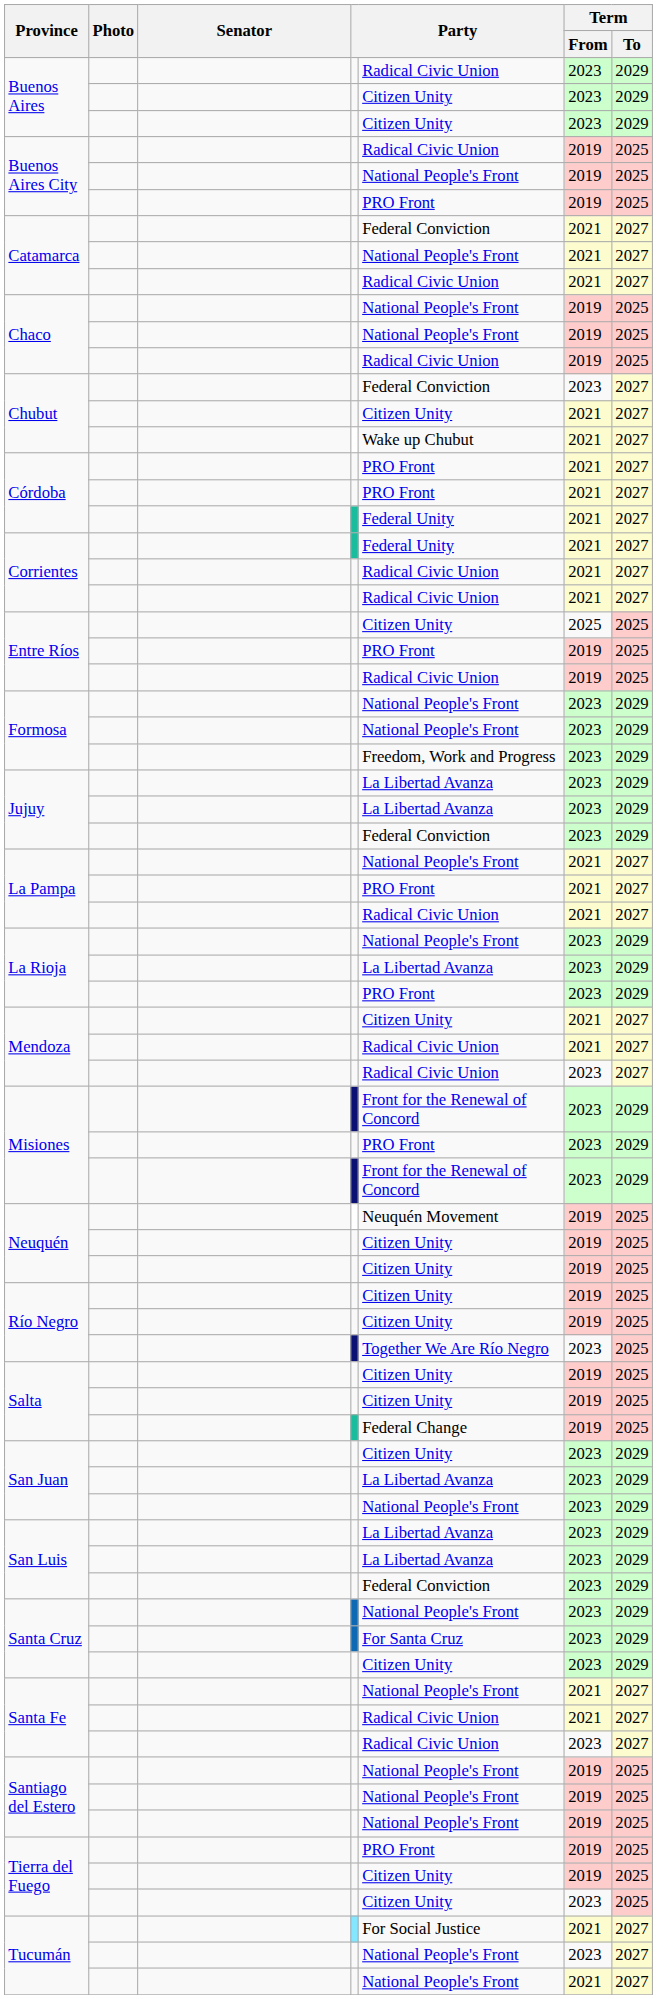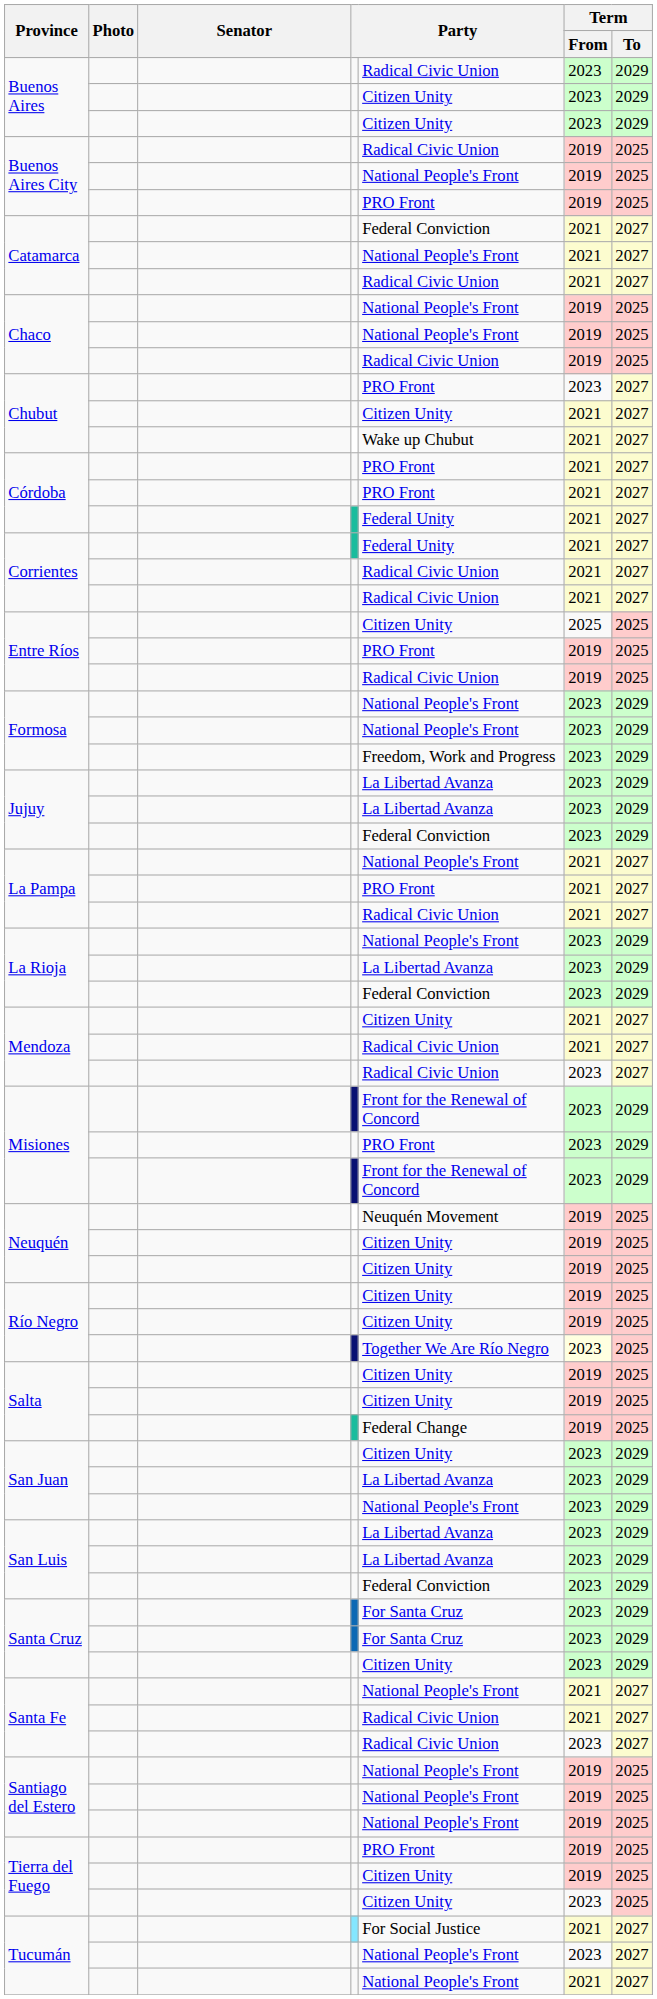 <table class="sortable wikitable" width="100%">
 <tr>
 <th width=13% rowspan=2>Province</th>
 <th width=6% rowspan=2>Photo</th>
 <th width=33% rowspan=2>Senator</th>
 <th width=33% colspan=2 rowspan=2>Party</th>
 <th colspan=2>Term</th>
 </tr>
 <tr>
 <th width=5%>From</th>
 <th width=5%>To</th>
 </tr>
 <tr>
 <td rowspan=3><a href='#'>Buenos Aires</a></td>
 <td></td>
 <td></td>
 <td bgcolor=></td>
 <td><a href='#'>Radical Civic Union</a></td>
 <td bgcolor=#cfc>2023</td>
 <td bgcolor=#cfc>2029</td>
 </tr>
 <tr>
 <td></td>
 <td></td>
 <td bgcolor=></td>
 <td><a href='#'>Citizen Unity</a></td>
 <td bgcolor=#cfc>2023</td>
 <td bgcolor=#cfc>2029</td>
 </tr>
 <tr>
 <td></td>
 <td></td>
 <td bgcolor=></td>
 <td><a href='#'>Citizen Unity</a></td>
 <td bgcolor=#cfc>2023</td>
 <td bgcolor=#cfc>2029</td>
 </tr>
 <tr>
 <td rowspan=3><a href='#'>Buenos Aires City</a></td>
 <td></td>
 <td></td>
 <td bgcolor=></td>
 <td><a href='#'>Radical Civic Union</a></td>
 <td bgcolor=#fcc>2019</td>
 <td bgcolor=#fcc>2025</td>
 </tr>
 <tr>
 <td></td>
 <td></td>
 <td bgcolor=></td>
 <td><a href='#'>National People's Front</a></td>
 <td bgcolor=#fcc>2019</td>
 <td bgcolor=#fcc>2025</td>
 </tr>
 <tr>
 <td></td>
 <td></td>
 <td bgcolor=></td>
 <td><a href='#'>PRO Front</a></td>
 <td bgcolor=#fcc>2019</td>
 <td bgcolor=#fcc>2025</td>
 </tr>
 <tr>
 <td rowspan=3><a href='#'>Catamarca</a></td>
 <td></td>
 <td></td>
 <td bgcolor=></td>
 <td>Federal Conviction</td>
 <td bgcolor=#fcfccf>2021</td>
 <td bgcolor=#fcfccf>2027</td>
 </tr>
 <tr>
 <td></td>
 <td></td>
 <td bgcolor=></td>
 <td><a href='#'>National People's Front</a></td>
 <td bgcolor=#fcfccf>2021</td>
 <td bgcolor=#fcfccf>2027</td>
 </tr>
 <tr>
 <td></td>
 <td></td>
 <td bgcolor=></td>
 <td><a href='#'>Radical Civic Union</a></td>
 <td bgcolor=#fcfccf>2021</td>
 <td bgcolor=#fcfccf>2027</td>
 </tr>
 <tr>
 <td rowspan=3><a href='#'>Chaco</a></td>
 <td></td>
 <td></td>
 <td bgcolor=></td>
 <td><a href='#'>National People's Front</a></td>
 <td bgcolor=#fcc>2019</td>
 <td bgcolor=#fcc>2025</td>
 </tr>
 <tr>
 <td></td>
 <td></td>
 <td bgcolor=></td>
 <td><a href='#'>National People's Front</a></td>
 <td bgcolor=#fcc>2019</td>
 <td bgcolor=#fcc>2025</td>
 </tr>
 <tr>
 <td></td>
 <td></td>
 <td bgcolor=></td>
 <td><a href='#'>Radical Civic Union</a></td>
 <td bgcolor=#fcc>2019</td>
 <td bgcolor=#fcc>2025</td>
 </tr>
 <tr>
 <td rowspan=3><a href='#'>Chubut</a></td>
 <td></td>
 <td></td>
 <td bgcolor=></td>
-<td>Federal Conviction</td>
+<td><a href='#'>PRO Front</a></td>
 <td>2023</td>
 <td bgcolor=#fcfccf>2027</td>
 </tr>
 <tr>
 <td></td>
 <td></td>
 <td bgcolor=></td>
 <td><a href='#'>Citizen Unity</a></td>
 <td bgcolor=#fcfccf>2021</td>
 <td bgcolor=#fcfccf>2027</td>
 </tr>
 <tr>
 <td></td>
 <td></td>
 <td bgcolor=#FFFFFF></td>
 <td>Wake up Chubut</td>
 <td bgcolor=#fcfccf>2021</td>
 <td bgcolor=#fcfccf>2027</td>
 </tr>
 <tr>
 <td rowspan=3><a href='#'>Córdoba</a></td>
 <td></td>
 <td></td>
 <td bgcolor=></td>
 <td><a href='#'>PRO Front</a></td>
 <td bgcolor=#fcfccf>2021</td>
 <td bgcolor=#fcfccf>2027</td>
 </tr>
 <tr>
 <td></td>
 <td></td>
 <td bgcolor=></td>
 <td><a href='#'>PRO Front</a></td>
 <td bgcolor=#fcfccf>2021</td>
 <td bgcolor=#fcfccf>2027</td>
 </tr>
 <tr>
 <td></td>
 <td></td>
 <td bgcolor=#19bc9d></td>
 <td><a href='#'>Federal Unity</a></td>
 <td bgcolor=#fcfccf>2021</td>
 <td bgcolor=#fcfccf>2027</td>
 </tr>
 <tr>
 <td rowspan=3><a href='#'>Corrientes</a></td>
 <td></td>
 <td></td>
 <td bgcolor=#19bc9d></td>
 <td><a href='#'>Federal Unity</a></td>
 <td bgcolor=#fcfccf>2021</td>
 <td bgcolor=#fcfccf>2027</td>
 </tr>
 <tr>
 <td></td>
 <td></td>
 <td bgcolor=></td>
 <td><a href='#'>Radical Civic Union</a></td>
 <td bgcolor=#fcfccf>2021</td>
 <td bgcolor=#fcfccf>2027</td>
 </tr>
 <tr>
 <td></td>
 <td></td>
 <td bgcolor=></td>
 <td><a href='#'>Radical Civic Union</a></td>
 <td bgcolor=#fcfccf>2021</td>
 <td bgcolor=#fcfccf>2027</td>
 </tr>
 <tr>
 <td rowspan=3><a href='#'>Entre Ríos</a></td>
 <td></td>
 <td></td>
 <td bgcolor=></td>
 <td><a href='#'>Citizen Unity</a></td>
 <td>2025</td>
 <td bgcolor=#fcc>2025</td>
 </tr>
 <tr>
 <td></td>
 <td></td>
 <td bgcolor=></td>
 <td><a href='#'>PRO Front</a></td>
 <td bgcolor=#fcc>2019</td>
 <td bgcolor=#fcc>2025</td>
 </tr>
 <tr>
 <td></td>
 <td></td>
 <td bgcolor=></td>
 <td><a href='#'>Radical Civic Union</a></td>
 <td bgcolor=#fcc>2019</td>
 <td bgcolor=#fcc>2025</td>
 </tr>
 <tr>
 <td rowspan=3><a href='#'>Formosa</a></td>
 <td></td>
 <td></td>
 <td bgcolor=></td>
 <td><a href='#'>National People's Front</a></td>
 <td bgcolor=#cfc>2023</td>
 <td bgcolor=#cfc>2029</td>
 </tr>
 <tr>
 <td></td>
 <td></td>
 <td bgcolor=></td>
 <td><a href='#'>National People's Front</a></td>
 <td bgcolor=#cfc>2023</td>
 <td bgcolor=#cfc>2029</td>
 </tr>
 <tr>
 <td></td>
 <td></td>
 <td bgcolor=></td>
 <td>Freedom, Work and Progress</td>
 <td bgcolor=#cfc>2023</td>
 <td bgcolor=#cfc>2029</td>
 </tr>
 <tr>
 <td rowspan=3><a href='#'>Jujuy</a></td>
 <td></td>
 <td></td>
 <td bgcolor=></td>
 <td><a href='#'>La Libertad Avanza</a></td>
 <td bgcolor=#cfc>2023</td>
 <td bgcolor=#cfc>2029</td>
 </tr>
 <tr>
 <td></td>
 <td></td>
 <td bgcolor=></td>
 <td><a href='#'>La Libertad Avanza</a></td>
 <td bgcolor=#cfc>2023</td>
 <td bgcolor=#cfc>2029</td>
 </tr>
 <tr>
 <td></td>
 <td></td>
 <td bgcolor=></td>
 <td>Federal Conviction</td>
 <td bgcolor=#cfc>2023</td>
 <td bgcolor=#cfc>2029</td>
 </tr>
 <tr>
 <td rowspan=3><a href='#'>La Pampa</a></td>
 <td></td>
 <td></td>
 <td bgcolor=></td>
 <td><a href='#'>National People's Front</a></td>
 <td bgcolor=#fcfccf>2021</td>
 <td bgcolor=#fcfccf>2027</td>
 </tr>
 <tr>
 <td></td>
 <td></td>
 <td bgcolor=></td>
 <td><a href='#'>PRO Front</a></td>
 <td bgcolor=#fcfccf>2021</td>
 <td bgcolor=#fcfccf>2027</td>
 </tr>
 <tr>
 <td></td>
 <td></td>
 <td bgcolor=></td>
 <td><a href='#'>Radical Civic Union</a></td>
 <td bgcolor=#fcfccf>2021</td>
 <td bgcolor=#fcfccf>2027</td>
 </tr>
 <tr>
 <td rowspan=3><a href='#'>La Rioja</a></td>
 <td></td>
 <td></td>
 <td bgcolor=></td>
 <td><a href='#'>National People's Front</a></td>
 <td bgcolor=#cfc>2023</td>
 <td bgcolor=#cfc>2029</td>
 </tr>
 <tr>
 <td></td>
 <td></td>
 <td bgcolor=></td>
 <td><a href='#'>La Libertad Avanza</a></td>
 <td bgcolor=#cfc>2023</td>
 <td bgcolor=#cfc>2029</td>
 </tr>
 <tr>
 <td></td>
 <td></td>
 <td bgcolor=></td>
-<td><a href='#'>PRO Front</a></td>
+<td>Federal Conviction</td>
 <td bgcolor=#cfc>2023</td>
 <td bgcolor=#cfc>2029</td>
 </tr>
 <tr>
 <td rowspan=3><a href='#'>Mendoza</a></td>
 <td></td>
 <td></td>
 <td bgcolor=></td>
 <td><a href='#'>Citizen Unity</a></td>
 <td bgcolor=#fcfccf>2021</td>
 <td bgcolor=#fcfccf>2027</td>
 </tr>
 <tr>
 <td></td>
 <td></td>
 <td bgcolor=></td>
 <td><a href='#'>Radical Civic Union</a></td>
 <td bgcolor=#fcfccf>2021</td>
 <td bgcolor=#fcfccf>2027</td>
 </tr>
 <tr>
 <td></td>
 <td></td>
 <td bgcolor=></td>
 <td><a href='#'>Radical Civic Union</a></td>
 <td>2023</td>
 <td bgcolor=#fcfccf>2027</td>
 </tr>
 <tr>
 <td rowspan=3><a href='#'>Misiones</a></td>
 <td></td>
 <td></td>
 <td bgcolor=#0a1172></td>
 <td><a href='#'>Front for the Renewal of Concord</a></td>
 <td bgcolor=#cfc>2023</td>
 <td bgcolor=#cfc>2029</td>
 </tr>
 <tr>
 <td></td>
 <td></td>
 <td bgcolor=></td>
 <td><a href='#'>PRO Front</a></td>
 <td bgcolor=#cfc>2023</td>
 <td bgcolor=#cfc>2029</td>
 </tr>
 <tr>
 <td></td>
 <td></td>
 <td bgcolor=#0a1172></td>
 <td><a href='#'>Front for the Renewal of Concord</a></td>
 <td bgcolor=#cfc>2023</td>
 <td bgcolor=#cfc>2029</td>
 </tr>
 <tr>
 <td rowspan=3><a href='#'>Neuquén</a></td>
 <td></td>
 <td></td>
 <td bgcolor=#FFFFFF></td>
 <td>Neuquén Movement</td>
 <td bgcolor=#fcc>2019</td>
 <td bgcolor=#fcc>2025</td>
 </tr>
 <tr>
 <td></td>
 <td></td>
 <td bgcolor=></td>
 <td><a href='#'>Citizen Unity</a></td>
 <td bgcolor=#fcc>2019</td>
 <td bgcolor=#fcc>2025</td>
 </tr>
 <tr>
 <td></td>
 <td></td>
 <td bgcolor=></td>
 <td><a href='#'>Citizen Unity</a></td>
 <td bgcolor=#fcc>2019</td>
 <td bgcolor=#fcc>2025</td>
 </tr>
 <tr>
 <td rowspan=3><a href='#'>Río Negro</a></td>
 <td></td>
 <td></td>
 <td bgcolor=></td>
 <td><a href='#'>Citizen Unity</a></td>
 <td bgcolor=#fcc>2019</td>
 <td bgcolor=#fcc>2025</td>
 </tr>
 <tr>
 <td></td>
 <td></td>
 <td bgcolor=></td>
 <td><a href='#'>Citizen Unity</a></td>
 <td bgcolor=#fcc>2019</td>
 <td bgcolor=#fcc>2025</td>
 </tr>
 <tr>
 <td></td>
 <td></td>
 <td bgcolor=#0a1172></td>
 <td><a href='#'>Together We Are Río Negro</a></td>
-<td>2023</td>
+<td style="background: lightyellow;">2023</td>
 <td bgcolor=#fcc>2025</td>
 </tr>
 <tr>
 <td rowspan=3><a href='#'>Salta</a></td>
 <td></td>
 <td></td>
 <td bgcolor=></td>
 <td><a href='#'>Citizen Unity</a></td>
 <td bgcolor=#fcc>2019</td>
 <td bgcolor=#fcc>2025</td>
 </tr>
 <tr>
 <td></td>
 <td></td>
 <td bgcolor=></td>
 <td><a href='#'>Citizen Unity</a></td>
 <td bgcolor=#fcc>2019</td>
 <td bgcolor=#fcc>2025</td>
 </tr>
 <tr>
 <td></td>
 <td></td>
 <td bgcolor=#19bc9d></td>
 <td>Federal Change</td>
 <td bgcolor=#fcc>2019</td>
 <td bgcolor=#fcc>2025</td>
 </tr>
 <tr>
 <td rowspan=3><a href='#'>San Juan</a></td>
 <td></td>
 <td></td>
 <td bgcolor=></td>
 <td><a href='#'>Citizen Unity</a></td>
 <td bgcolor=#cfc>2023</td>
 <td bgcolor=#cfc>2029</td>
 </tr>
 <tr>
 <td></td>
 <td></td>
 <td bgcolor=></td>
 <td><a href='#'>La Libertad Avanza</a></td>
 <td bgcolor=#cfc>2023</td>
 <td bgcolor=#cfc>2029</td>
 </tr>
 <tr>
 <td></td>
 <td></td>
 <td bgcolor=></td>
 <td><a href='#'>National People's Front</a></td>
 <td bgcolor=#cfc>2023</td>
 <td bgcolor=#cfc>2029</td>
 </tr>
 <tr>
 <td rowspan=3><a href='#'>San Luis</a></td>
 <td></td>
 <td></td>
 <td bgcolor=></td>
 <td><a href='#'>La Libertad Avanza</a></td>
 <td bgcolor=#cfc>2023</td>
 <td bgcolor=#cfc>2029</td>
 </tr>
 <tr>
 <td></td>
 <td></td>
 <td bgcolor=></td>
 <td><a href='#'>La Libertad Avanza</a></td>
 <td bgcolor=#cfc>2023</td>
 <td bgcolor=#cfc>2029</td>
 </tr>
 <tr>
 <td></td>
 <td></td>
 <td bgcolor=></td>
 <td>Federal Conviction</td>
 <td bgcolor=#cfc>2023</td>
 <td bgcolor=#cfc>2029</td>
 </tr>
 <tr>
 <td rowspan=3><a href='#'>Santa Cruz</a></td>
 <td></td>
 <td></td>
 <td bgcolor=#0d69b4></td>
-<td><a href='#'>National People's Front</a></td>
+<td><a href='#'>For Santa Cruz</a></td>
 <td bgcolor=#cfc>2023</td>
 <td bgcolor=#cfc>2029</td>
 </tr>
 <tr>
 <td></td>
 <td></td>
 <td bgcolor=#0d69b4></td>
 <td><a href='#'>For Santa Cruz</a></td>
 <td bgcolor=#cfc>2023</td>
 <td bgcolor=#cfc>2029</td>
 </tr>
 <tr>
 <td></td>
 <td></td>
 <td bgcolor=></td>
 <td><a href='#'>Citizen Unity</a></td>
 <td bgcolor=#cfc>2023</td>
 <td bgcolor=#cfc>2029</td>
 </tr>
 <tr>
 <td rowspan=3><a href='#'>Santa Fe</a></td>
 <td></td>
 <td></td>
 <td bgcolor=></td>
 <td><a href='#'>National People's Front</a></td>
 <td bgcolor=#fcfccf>2021</td>
 <td bgcolor=#fcfccf>2027</td>
 </tr>
 <tr>
 <td></td>
 <td></td>
 <td bgcolor=></td>
 <td><a href='#'>Radical Civic Union</a></td>
 <td bgcolor=#fcfccf>2021</td>
 <td bgcolor=#fcfccf>2027</td>
 </tr>
 <tr>
 <td></td>
 <td></td>
 <td bgcolor=></td>
 <td><a href='#'>Radical Civic Union</a></td>
 <td>2023</td>
 <td bgcolor=#fcfccf>2027</td>
 </tr>
 <tr>
 <td rowspan=3><a href='#'>Santiago del Estero</a></td>
 <td></td>
 <td></td>
 <td bgcolor=></td>
 <td><a href='#'>National People's Front</a></td>
 <td bgcolor=#fcc>2019</td>
 <td bgcolor=#fcc>2025</td>
 </tr>
 <tr>
 <td></td>
 <td></td>
 <td bgcolor=></td>
 <td><a href='#'>National People's Front</a></td>
 <td bgcolor=#fcc>2019</td>
 <td bgcolor=#fcc>2025</td>
 </tr>
 <tr>
 <td></td>
 <td></td>
 <td bgcolor=></td>
 <td><a href='#'>National People's Front</a></td>
 <td bgcolor=#fcc>2019</td>
 <td bgcolor=#fcc>2025</td>
 </tr>
 <tr>
 <td rowspan=3><a href='#'>Tierra del Fuego</a></td>
 <td></td>
 <td></td>
 <td bgcolor=></td>
 <td><a href='#'>PRO Front</a></td>
 <td bgcolor=#fcc>2019</td>
 <td bgcolor=#fcc>2025</td>
 </tr>
 <tr>
 <td></td>
 <td></td>
 <td bgcolor=></td>
 <td><a href='#'>Citizen Unity</a></td>
 <td bgcolor=#fcc>2019</td>
 <td bgcolor=#fcc>2025</td>
 </tr>
 <tr>
 <td></td>
 <td></td>
 <td bgcolor=></td>
 <td><a href='#'>Citizen Unity</a></td>
 <td>2023</td>
 <td bgcolor=#fcc>2025</td>
 </tr>
 <tr>
 <td rowspan=3><a href='#'>Tucumán</a></td>
 <td></td>
 <td></td>
 <td bgcolor=#84e6ff></td>
 <td>For Social Justice</td>
 <td bgcolor=#fcfccf>2021</td>
 <td bgcolor=#fcfccf>2027</td>
 </tr>
 <tr>
 <td></td>
 <td></td>
 <td bgcolor=></td>
 <td><a href='#'>National People's Front</a></td>
 <td>2023</td>
 <td bgcolor=#fcfccf>2027</td>
 </tr>
 <tr>
 <td></td>
 <td></td>
 <td bgcolor=></td>
 <td><a href='#'>National People's Front</a></td>
 <td bgcolor=#fcfccf>2021</td>
 <td bgcolor=#fcfccf>2027</td>
 </tr>
 <tr>
 </tr>
 </table>
